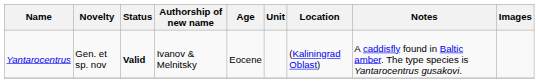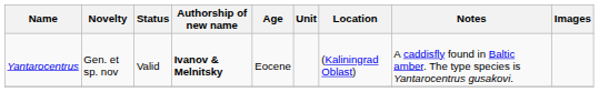 <table class="wikitable sortable" align="center" width="100%">
 <tr>
 <th>Name</th>
 <th>Novelty</th>
 <th>Status</th>
 <th>Authorship of new name</th>
 <th>Age</th>
 <th>Unit</th>
 <th>Location</th>
 <th>Notes</th>
 <th>Images</th>
 </tr>
 <tr>
 <td><br><em><a href='#'>Yantarocentrus</a></em></td>
 <td><br>Gen. et sp. nov</td>
-<td><strong><br>Valid</strong></td>
-<td><br>Ivanov & Melnitsky</td>
+<td><br>Valid</td>
+<td><strong><br>Ivanov & Melnitsky</strong></td>
 <td><br>Eocene</td>
 <td></td>
 <td><br> (<a href='#'>Kaliningrad Oblast</a>)</td>
 <td><br>A <a href='#'>caddisfly</a> found in <a href='#'>Baltic amber</a>. The type species is <em>Yantarocentrus gusakovi</em>.</td>
 <td></td>
 </tr>
 <tr>
 </tr>
 </table>
